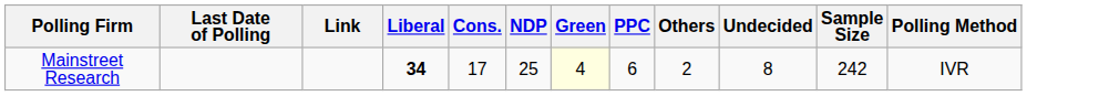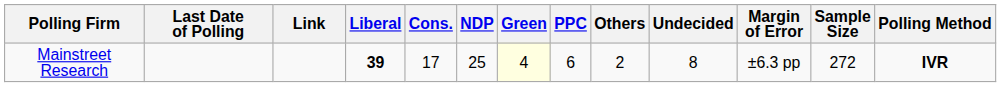 <table class="wikitable sortable" style="text-align:center;font-size:90%;line-height:14px;">
 <tr style="background:#e9e9e9;">
 <th style="width:120px">Polling Firm</th>
 <th style="width:110px">Last Date<br>of Polling</th>
 <th style="width:60px" class="unsortable">Link</th>
 <th style="background-color:"><a href='#'>Liberal</a></th>
 <th style="background-color:"><a href='#'>Cons.</a></th>
 <th style="background-color:"><a href='#'>NDP</a></th>
 <th style="background-color:"><a href='#'>Green</a></th>
 <th style="background-color:"><a href='#'><span>PPC</span></a></th>
 <th style="background-color:">Others</th>
 <th style="background-color:">Undecided</th>
+<th style="width:60px;" class=unsortable>Margin<br>of Error</th>
 <th style="width:50px;" class=unsortable>Sample<br>Size</th>
 <th class=unsortable>Polling Method</th>
 </tr>
 <tr>
 <td><a href='#'>Mainstreet Research</a></td>
 <td></td>
 <td></td>
-<td><strong>34</strong></td>
+<td><strong>39</strong></td>
 <td>17</td>
 <td>25</td>
 <td style="background: lightyellow;">4</td>
 <td>6</td>
 <td>2</td>
 <td>8</td>
-<td>242</td>
-<td>IVR</td>
+<td>±6.3 pp</td>
+<td>272</td>
+<td><strong>IVR</strong></td>
 </tr>
 </table>
